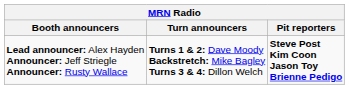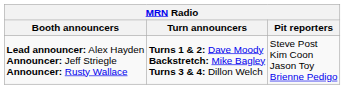 <table class="wikitable" style="font-size: 95%;">
 <tr>
 <th colspan="3"><a href='#'>MRN</a> Radio</th>
 </tr>
 <tr>
 <th>Booth announcers</th>
 <th>Turn announcers</th>
 <th>Pit reporters</th>
 </tr>
 <tr>
 <td><strong>Lead announcer:</strong> Alex Hayden<br><strong>Announcer:</strong> Jeff Striegle<br><strong>Announcer:</strong> <a href='#'>Rusty Wallace</a></td>
 <td><strong>Turns 1 & 2:</strong> <a href='#'>Dave Moody</a><br><strong>Backstretch:</strong> <a href='#'>Mike Bagley</a><br><strong>Turns 3 & 4:</strong> Dillon Welch</td>
-<td><strong>Steve Post<br>Kim Coon<br>Jason Toy<br><a href='#'>Brienne Pedigo</a></strong></td>
+<td>Steve Post<br>Kim Coon<br>Jason Toy<br><a href='#'>Brienne Pedigo</a></td>
 </tr>
 </table>
